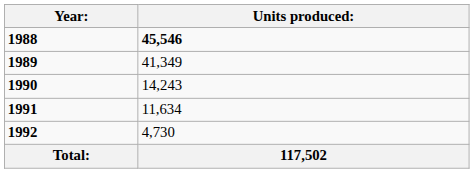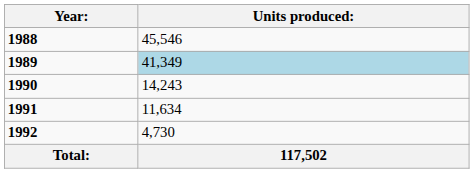 <table class="wikitable defaultcenter" style="width:40%;">
 <tr>
 <th>Year:</th>
 <th>Units produced:</th>
 </tr>
 <tr>
 <td><strong>1988</strong></td>
-<td><strong>45,546</strong></td>
+<td>45,546</td>
 </tr>
 <tr>
 <td><strong>1989</strong></td>
-<td>41,349</td>
+<td style="background: lightblue;">41,349</td>
 </tr>
 <tr>
 <td><strong>1990</strong></td>
 <td>14,243</td>
 </tr>
 <tr>
 <td><strong>1991</strong></td>
 <td>11,634</td>
 </tr>
 <tr>
 <td><strong>1992</strong></td>
 <td>4,730</td>
 </tr>
 <tr>
 <th>Total:</th>
 <th><strong>117,502</strong></th>
 </tr>
 </table>
